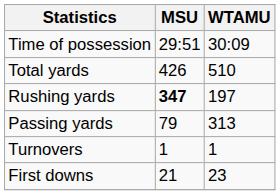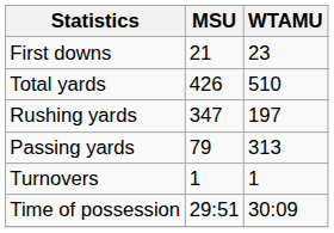 <table class="wikitable">
 <tr>
 <th>Statistics</th>
 <th>MSU</th>
 <th>WTAMU</th>
 </tr>
 <tr>
-<td>Time of possession</td>
-<td>29:51</td>
-<td>30:09</td>
+<td>First downs</td>
+<td>21</td>
+<td>23</td>
 </tr>
 <tr>
 <td>Total yards</td>
 <td>426</td>
 <td>510</td>
 </tr>
 <tr>
 <td>Rushing yards</td>
-<td><strong>347</strong></td>
+<td>347</td>
 <td>197</td>
 </tr>
 <tr>
 <td>Passing yards</td>
 <td>79</td>
 <td>313</td>
 </tr>
 <tr>
 <td>Turnovers</td>
 <td>1</td>
 <td>1</td>
 </tr>
 <tr>
-<td>First downs</td>
-<td>21</td>
-<td>23</td>
+<td>Time of possession</td>
+<td>29:51</td>
+<td>30:09</td>
 </tr>
 <tr>
 </tr>
 </table>
